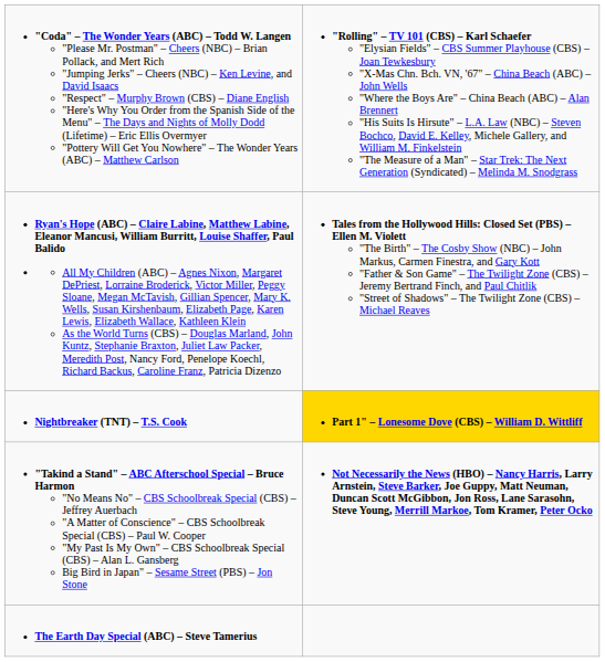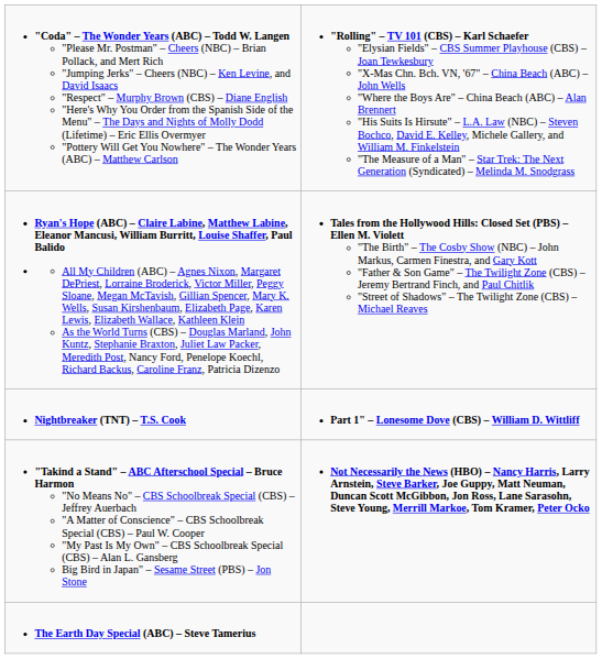 <table class="wikitable">
 <tr>
 <td valign="top" width="50%"><br><ul><li><strong>"Coda" – <a href='#'>The Wonder Years</a> (ABC) – Todd W. Langen</strong><ul><li>"Please Mr. Postman" – <a href='#'>Cheers</a> (NBC) – Brian Pollack, and Mert Rich</li><li>"Jumping Jerks" – Cheers (NBC) – <a href='#'>Ken Levine</a>, and <a href='#'>David Isaacs</a></li><li>"Respect" – <a href='#'>Murphy Brown</a> (CBS) – <a href='#'>Diane English</a></li><li>"Here's Why You Order from the Spanish Side of the Menu" – <a href='#'>The Days and Nights of Molly Dodd</a> (Lifetime) – Eric Ellis Overmyer</li><li>"Pottery Will Get You Nowhere" – The Wonder Years (ABC) – <a href='#'>Matthew Carlson</a></li></ul></li></ul></td>
 <td valign="top" width="50%"><br><ul><li><strong>"Rolling" – <a href='#'>TV 101</a> (CBS) – Karl Schaefer</strong><ul><li>"Elysian Fields" – <a href='#'>CBS Summer Playhouse</a> (CBS) – <a href='#'>Joan Tewkesbury</a></li><li>"X-Mas Chn. Bch. VN, '67" – <a href='#'>China Beach</a> (ABC) – <a href='#'>John Wells</a></li><li>"Where the Boys Are" – China Beach (ABC) – <a href='#'>Alan Brennert</a></li><li>"His Suits Is Hirsute" – <a href='#'>L.A. Law</a> (NBC) – <a href='#'>Steven Bochco</a>, <a href='#'>David E. Kelley</a>, Michele Gallery, and <a href='#'>William M. Finkelstein</a></li><li>"The Measure of a Man" – <a href='#'>Star Trek: The Next Generation</a> (Syndicated) – <a href='#'>Melinda M. Snodgrass</a></li></ul></li></ul></td>
 </tr>
 <tr>
 <td valign="top" width="50%"><br><ul><li><strong><a href='#'>Ryan's Hope</a> (ABC) – <a href='#'>Claire Labine</a>, <a href='#'>Matthew Labine</a>, Eleanor Mancusi, William Burritt, <a href='#'>Louise Shaffer</a>, Paul Balido</strong></li></ul><ul><li><ul><li><a href='#'>All My Children</a> (ABC) – <a href='#'>Agnes Nixon</a>, <a href='#'>Margaret DePriest</a>, <a href='#'>Lorraine Broderick</a>, <a href='#'>Victor Miller</a>, <a href='#'>Peggy Sloane</a>, <a href='#'>Megan McTavish</a>, <a href='#'>Gillian Spencer</a>, <a href='#'>Mary K. Wells</a>, <a href='#'>Susan Kirshenbaum</a>, <a href='#'>Elizabeth Page</a>, <a href='#'>Karen Lewis</a>, <a href='#'>Elizabeth Wallace</a>, <a href='#'>Kathleen Klein</a></li><li><a href='#'>As the World Turns</a> (CBS) – <a href='#'>Douglas Marland</a>, <a href='#'>John Kuntz</a>, <a href='#'>Stephanie Braxton</a>, <a href='#'>Juliet Law Packer</a>, <a href='#'>Meredith Post</a>, Nancy Ford, Penelope Koechl, <a href='#'>Richard Backus</a>, <a href='#'>Caroline Franz</a>, Patricia Dizenzo</li></ul></li></ul></td>
 <td valign="top" width="50%"><br><ul><li><strong>Tales from the Hollywood Hills: Closed Set (PBS) – Ellen M. Violett</strong><ul><li>"The Birth" – <a href='#'>The Cosby Show</a> (NBC) – John Markus, Carmen Finestra, and <a href='#'>Gary Kott</a></li><li>"Father & Son Game" – <a href='#'>The Twilight Zone</a> (CBS) – Jeremy Bertrand Finch, and <a href='#'>Paul Chitlik</a></li><li>"Street of Shadows" – The Twilight Zone (CBS) – <a href='#'>Michael Reaves</a></li></ul></li></ul></td>
 </tr>
 <tr>
 <td valign="top" width="50%"><br><ul><li><strong><a href='#'>Nightbreaker</a> (TNT) – <a href='#'>T.S. Cook</a></strong></li></ul></td>
-<td valign="top" width="50%" style="background: gold;"><br><ul><li><strong>Part 1" – <a href='#'>Lonesome Dove</a> (CBS) – <a href='#'>William D. Wittliff</a></strong></li></ul></td>
+<td valign="top" width="50%"><br><ul><li><strong>Part 1" – <a href='#'>Lonesome Dove</a> (CBS) – <a href='#'>William D. Wittliff</a></strong></li></ul></td>
 </tr>
 <tr>
 <td valign="top" width="50%"><br><ul><li><strong> "Takind a Stand" – <a href='#'>ABC Afterschool Special</a> – Bruce Harmon</strong><ul><li>"No Means No" – <a href='#'>CBS Schoolbreak Special</a> (CBS) – Jeffrey Auerbach</li><li>"A Matter of Conscience" – CBS Schoolbreak Special (CBS) – Paul W. Cooper</li><li>"My Past Is My Own" – CBS Schoolbreak Special (CBS) – Alan L. Gansberg</li><li>Big Bird in Japan" – <a href='#'>Sesame Street</a> (PBS) – <a href='#'>Jon Stone</a></li></ul></li></ul></td>
 <td valign="top" width="50%"><br><ul><li><strong><a href='#'>Not Necessarily the News</a> (HBO) – <a href='#'>Nancy Harris</a>, Larry Arnstein, <a href='#'>Steve Barker</a>, Joe Guppy, Matt Neuman, Duncan Scott McGibbon, Jon Ross, Lane Sarasohn, Steve Young, <a href='#'>Merrill Markoe</a>, Tom Kramer, <a href='#'>Peter Ocko</a></strong></li></ul></td>
 </tr>
 <tr>
 <td valign="top" width="50%"><br><ul><li><strong><a href='#'>The Earth Day Special</a> (ABC) – Steve Tamerius</strong></li></ul></td>
 </tr>
 </table>
